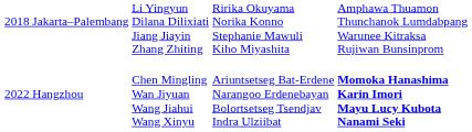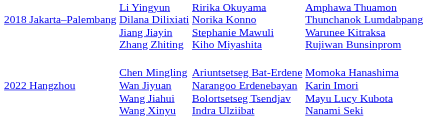 <table>
 <tr>
 <td><a href='#'>2018 Jakarta–Palembang</a></td>
 <td><br><a href='#'>Li Yingyun</a><br><a href='#'>Dilana Dilixiati</a><br><a href='#'>Jiang Jiayin</a><br><a href='#'>Zhang Zhiting</a></td>
 <td><br><a href='#'>Ririka Okuyama</a><br><a href='#'>Norika Konno</a><br><a href='#'>Stephanie Mawuli</a><br><a href='#'>Kiho Miyashita</a></td>
 <td><br><a href='#'>Amphawa Thuamon</a><br><a href='#'>Thunchanok Lumdabpang</a><br><a href='#'>Warunee Kitraksa</a><br><a href='#'>Rujiwan Bunsinprom</a></td>
 </tr>
 <tr>
 <td><a href='#'>2022 Hangzhou</a></td>
 <td><br><a href='#'>Chen Mingling</a><br><a href='#'>Wan Jiyuan</a><br><a href='#'>Wang Jiahui</a><br><a href='#'>Wang Xinyu</a></td>
 <td><br><a href='#'>Ariuntsetseg Bat-Erdene</a><br><a href='#'>Narangoo Erdenebayan</a><br><a href='#'>Bolortsetseg Tsendjav</a><br><a href='#'>Indra Ulziibat</a></td>
-<td><strong><br><a href='#'>Momoka Hanashima</a><br><a href='#'>Karin Imori</a><br><a href='#'>Mayu Lucy Kubota</a><br><a href='#'>Nanami Seki</a></strong></td>
+<td><br><a href='#'>Momoka Hanashima</a><br><a href='#'>Karin Imori</a><br><a href='#'>Mayu Lucy Kubota</a><br><a href='#'>Nanami Seki</a></td>
 </tr>
 </table>
